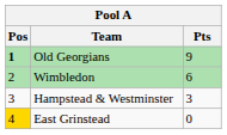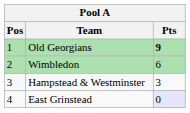 <table class="wikitable">
 <tr>
 <th colspan="6">Pool A</th>
 </tr>
 <tr>
 <th width=20>Pos</th>
 <th width=180>Team</th>
 <th width=40>Pts</th>
 </tr>
 <tr style="background:#ACE1AF;">
-<td><strong>1</strong></td>
+<td>1</td>
 <td style="text-align:left;">Old Georgians</td>
-<td>9</td>
+<td><strong>9</strong></td>
 </tr>
 <tr style="background:#ACE1AF;">
 <td>2</td>
 <td style="text-align:left;">Wimbledon</td>
 <td>6</td>
 </tr>
 <tr>
 <td>3</td>
 <td style="text-align:left;">Hampstead & Westminster</td>
 <td>3</td>
 </tr>
 <tr>
-<td style="background: gold;">4</td>
+<td>4</td>
 <td style="text-align:left;">East Grinstead</td>
-<td>0</td>
+<td style="background: lavender;">0</td>
 </tr>
 </table>
